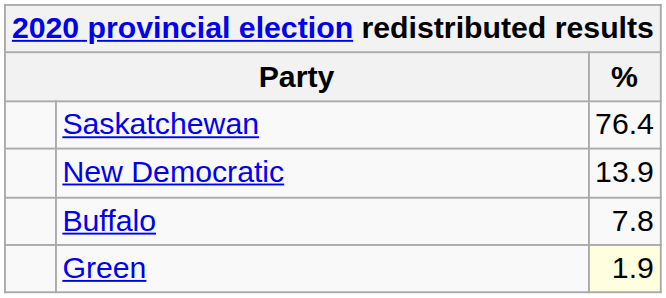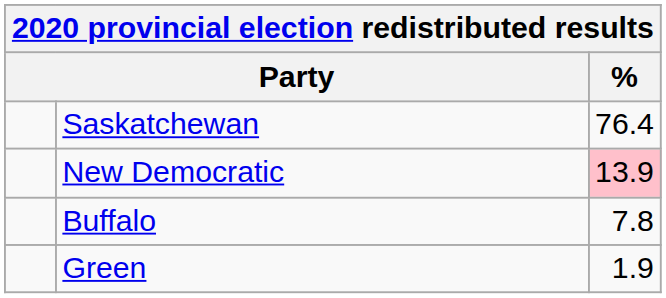 <table class="wikitable">
 <tr>
 <th colspan="4"><a href='#'>2020 provincial election</a> redistributed results</th>
 </tr>
 <tr>
 <th bgcolor="#DDDDFF" width="130px" colspan="2">Party</th>
 <th bgcolor="#DDDDFF" width="30px">%</th>
 </tr>
 <tr>
 <td> </td>
 <td><a href='#'>Saskatchewan</a></td>
 <td align=right>76.4</td>
 </tr>
 <tr>
 <td> </td>
 <td><a href='#'>New Democratic</a></td>
-<td align=right>13.9</td>
+<td align=right style="background: pink;">13.9</td>
 </tr>
 <tr>
 <td> </td>
 <td><a href='#'>Buffalo</a></td>
 <td align=right>7.8</td>
 </tr>
 <tr>
 <td> </td>
 <td><a href='#'>Green</a></td>
-<td align=right style="background: lightyellow;">1.9</td>
+<td align=right>1.9</td>
 </tr>
 </table>
